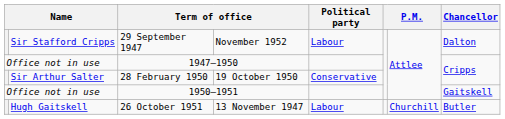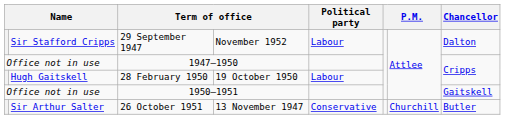 <table class="wikitable">
 <tr>
 <th colspan=2>Name</th>
 <th colspan=2>Term of office</th>
 <th>Political party</th>
 <th colspan=2><a href='#'>P.M.</a></th>
 <th><a href='#'>Chancellor</a></th>
 </tr>
 <tr>
 <th style="background-color: "></th>
 <td width=150><a href='#'>Sir Stafford Cripps</a></td>
 <td width=130>29 September 1947</td>
 <td>November 1952</td>
 <td width=100><a href='#'>Labour</a></td>
 <td rowspan=4 style="background-color: "></td>
 <td rowspan=4><a href='#'>Attlee</a></td>
 <td><a href='#'>Dalton</a></td>
 </tr>
 <tr>
 <td colspan=2><em>Office not in use</em></td>
 <td colspan=2 align=center>1947–1950</td>
 <td></td>
 <td rowspan=2><a href='#'>Cripps</a></td>
 </tr>
 <tr>
 <th style="background-color: "></th>
-<td><a href='#'>Sir Arthur Salter</a></td>
+<td><a href='#'>Hugh Gaitskell</a></td>
 <td>28 February 1950</td>
 <td>19 October 1950</td>
-<td><a href='#'>Conservative</a></td>
+<td><a href='#'>Labour</a></td>
 </tr>
 <tr>
 <td colspan=2><em>Office not in use</em></td>
 <td colspan=2 align=center>1950–1951</td>
 <td></td>
 <td><a href='#'>Gaitskell</a></td>
 </tr>
 <tr>
 <th style="background-color: "></th>
-<td><a href='#'>Hugh Gaitskell</a></td>
+<td><a href='#'>Sir Arthur Salter</a></td>
 <td>26 October 1951</td>
 <td width=130>13 November 1947</td>
-<td><a href='#'>Labour</a></td>
+<td><a href='#'>Conservative</a></td>
 <td style="background-color: "></td>
 <td><a href='#'>Churchill</a></td>
 <td><a href='#'>Butler</a></td>
 </tr>
 </table>
